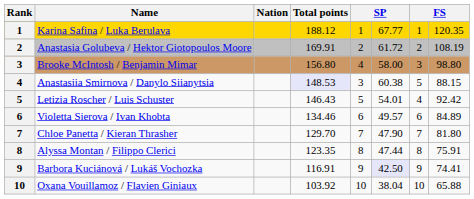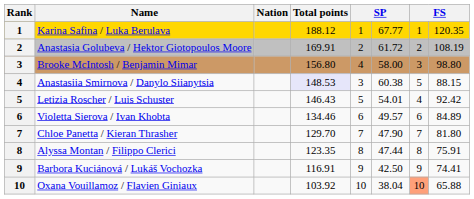 <table class="wikitable sortable" style="text-align:left;">
 <tr>
 <th scope="col">Rank</th>
 <th scope="col">Name</th>
 <th scope="col">Nation</th>
 <th scope="col">Total points</th>
 <th colspan="2" width="80px"><a href='#'>SP</a></th>
 <th colspan="2" width="80px"><a href='#'>FS</a></th>
 </tr>
 <tr bgcolor="gold">
 <th scope="row"><strong>1</strong></th>
 <td style="text-align:left"><a href='#'>Karina Safina</a> / <a href='#'>Luka Berulava</a></td>
 <td></td>
 <td align="center">188.12</td>
 <td align="center">1</td>
 <td align="center">67.77</td>
 <td align="center">1</td>
 <td align="center">120.35</td>
 </tr>
 <tr bgcolor="silver">
 <th scope="row"><strong>2</strong></th>
 <td style="text-align:left"><a href='#'>Anastasia Golubeva</a> / <a href='#'>Hektor Giotopoulos Moore</a></td>
 <td></td>
 <td align="center">169.91</td>
 <td align="center">2</td>
 <td align="center">61.72</td>
 <td align="center">2</td>
 <td align="center">108.19</td>
 </tr>
 <tr bgcolor="cc9966">
 <th scope="row"><strong>3</strong></th>
 <td style="text-align:left"><a href='#'>Brooke McIntosh</a> / <a href='#'>Benjamin Mimar</a></td>
 <td></td>
 <td align="center">156.80</td>
 <td align="center">4</td>
 <td align="center">58.00</td>
 <td align="center">3</td>
 <td align="center">98.80</td>
 </tr>
 <tr>
 <th scope="row">4</th>
 <td style="text-align:left"><a href='#'>Anastasiia Smirnova</a> / <a href='#'>Danylo Siianytsia</a></td>
 <td></td>
 <td align="center" style="background: lavender;">148.53</td>
 <td align="center">3</td>
 <td align="center">60.38</td>
 <td align="center">5</td>
 <td align="center">88.15</td>
 </tr>
 <tr>
 <th scope="row">5</th>
 <td style="text-align:left"><a href='#'>Letizia Roscher</a> / <a href='#'>Luis Schuster</a></td>
 <td></td>
 <td align="center">146.43</td>
 <td align="center">5</td>
 <td align="center">54.01</td>
 <td align="center">4</td>
 <td align="center">92.42</td>
 </tr>
 <tr>
 <th scope="row">6</th>
 <td style="text-align:left"><a href='#'>Violetta Sierova</a> / <a href='#'>Ivan Khobta</a></td>
 <td></td>
 <td align="center">134.46</td>
 <td align="center">6</td>
 <td align="center">49.57</td>
 <td align="center">6</td>
 <td align="center">84.89</td>
 </tr>
 <tr>
 <th scope="row">7</th>
 <td style="text-align:left"><a href='#'>Chloe Panetta</a> / <a href='#'>Kieran Thrasher</a></td>
 <td></td>
 <td align="center">129.70</td>
 <td align="center">7</td>
 <td align="center">47.90</td>
 <td align="center">7</td>
 <td align="center">81.80</td>
 </tr>
 <tr>
 <th scope="row">8</th>
 <td style="text-align:left"><a href='#'>Alyssa Montan</a> / <a href='#'>Filippo Clerici</a></td>
 <td></td>
 <td align="center">123.35</td>
 <td align="center">8</td>
 <td align="center">47.44</td>
 <td align="center">8</td>
 <td align="center">75.91</td>
 </tr>
 <tr>
 <th scope="row">9</th>
 <td style="text-align:left"><a href='#'>Barbora Kuciánová</a> / <a href='#'>Lukáš Vochozka</a></td>
 <td></td>
 <td align="center">116.91</td>
 <td align="center">9</td>
-<td align="center" style="background: lavender;">42.50</td>
+<td align="center">42.50</td>
 <td align="center">9</td>
 <td align="center">74.41</td>
 </tr>
 <tr>
 <th scope="row">10</th>
 <td style="text-align:left"><a href='#'>Oxana Vouillamoz</a> / <a href='#'>Flavien Giniaux</a></td>
 <td></td>
 <td align="center">103.92</td>
 <td align="center">10</td>
 <td align="center">38.04</td>
-<td align="center">10</td>
+<td align="center" style="background: lightsalmon;">10</td>
 <td align="center">65.88</td>
 </tr>
 </table>
